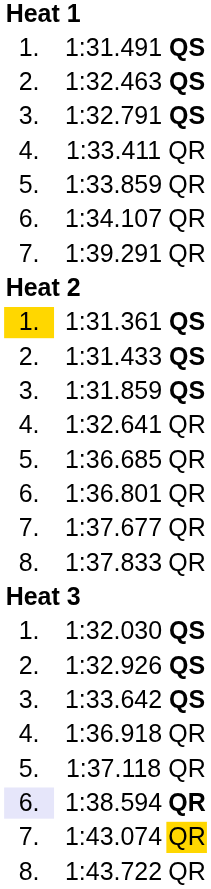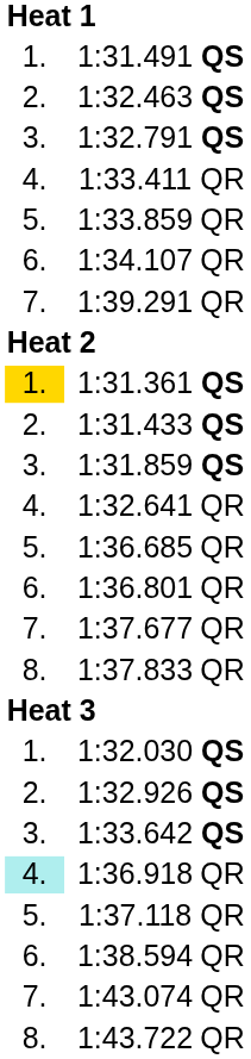 <table style="text-align:center">
 <tr>
 <td colspan=4 align=left><strong>Heat 1</strong></td>
 </tr>
 <tr>
 <td width=30>1.</td>
 <td align=left></td>
 <td width=60>1:31.491</td>
 <td><strong>QS</strong></td>
 </tr>
 <tr>
 <td>2.</td>
 <td align=left></td>
 <td>1:32.463</td>
 <td><strong>QS</strong></td>
 </tr>
 <tr>
 <td>3.</td>
 <td align=left></td>
 <td>1:32.791</td>
 <td><strong>QS</strong></td>
 </tr>
 <tr>
 <td>4.</td>
 <td align=left></td>
 <td>1:33.411</td>
 <td>QR</td>
 </tr>
 <tr>
 <td>5.</td>
 <td align=left></td>
 <td>1:33.859</td>
 <td>QR</td>
 </tr>
 <tr>
 <td>6.</td>
 <td align=left></td>
 <td>1:34.107</td>
 <td>QR</td>
 </tr>
 <tr>
 <td>7.</td>
 <td align=left></td>
 <td>1:39.291</td>
 <td>QR</td>
 </tr>
 <tr>
 <td colspan=4 align=left><strong>Heat 2</strong></td>
 </tr>
 <tr>
 <td style="background: gold;">1.</td>
 <td align=left></td>
 <td>1:31.361</td>
 <td><strong>QS</strong></td>
 </tr>
 <tr>
 <td>2.</td>
 <td align=left></td>
 <td>1:31.433</td>
 <td><strong>QS</strong></td>
 </tr>
 <tr>
 <td>3.</td>
 <td align=left></td>
 <td>1:31.859</td>
 <td><strong>QS</strong></td>
 </tr>
 <tr>
 <td>4.</td>
 <td align=left></td>
 <td>1:32.641</td>
 <td>QR</td>
 </tr>
 <tr>
 <td>5.</td>
 <td align=left></td>
 <td>1:36.685</td>
 <td>QR</td>
 </tr>
 <tr>
 <td>6.</td>
 <td align=left></td>
 <td>1:36.801</td>
 <td>QR</td>
 </tr>
 <tr>
 <td>7.</td>
 <td align=left></td>
 <td>1:37.677</td>
 <td>QR</td>
 </tr>
 <tr>
 <td>8.</td>
 <td align=left></td>
 <td>1:37.833</td>
 <td>QR</td>
 </tr>
 <tr>
 <td colspan=4 align=left><strong>Heat 3</strong></td>
 </tr>
 <tr>
 <td>1.</td>
 <td align=left></td>
 <td>1:32.030</td>
 <td><strong>QS</strong></td>
 </tr>
 <tr>
 <td>2.</td>
 <td align=left></td>
 <td>1:32.926</td>
 <td><strong>QS</strong></td>
 </tr>
 <tr>
 <td>3.</td>
 <td align=left></td>
 <td>1:33.642</td>
 <td><strong>QS</strong></td>
 </tr>
 <tr>
-<td>4.</td>
+<td style="background: paleturquoise;">4.</td>
 <td align=left></td>
 <td>1:36.918</td>
 <td>QR</td>
 </tr>
 <tr>
 <td>5.</td>
 <td align=left></td>
 <td>1:37.118</td>
 <td>QR</td>
 </tr>
 <tr>
-<td style="background: lavender;">6.</td>
+<td>6.</td>
 <td align=left></td>
 <td>1:38.594</td>
-<td><strong>QR</strong></td>
+<td>QR</td>
 </tr>
 <tr>
 <td>7.</td>
 <td align=left></td>
 <td>1:43.074</td>
-<td style="background: gold;">QR</td>
+<td>QR</td>
 </tr>
 <tr>
 <td>8.</td>
 <td align=left></td>
 <td>1:43.722</td>
 <td>QR</td>
 </tr>
 </table>
